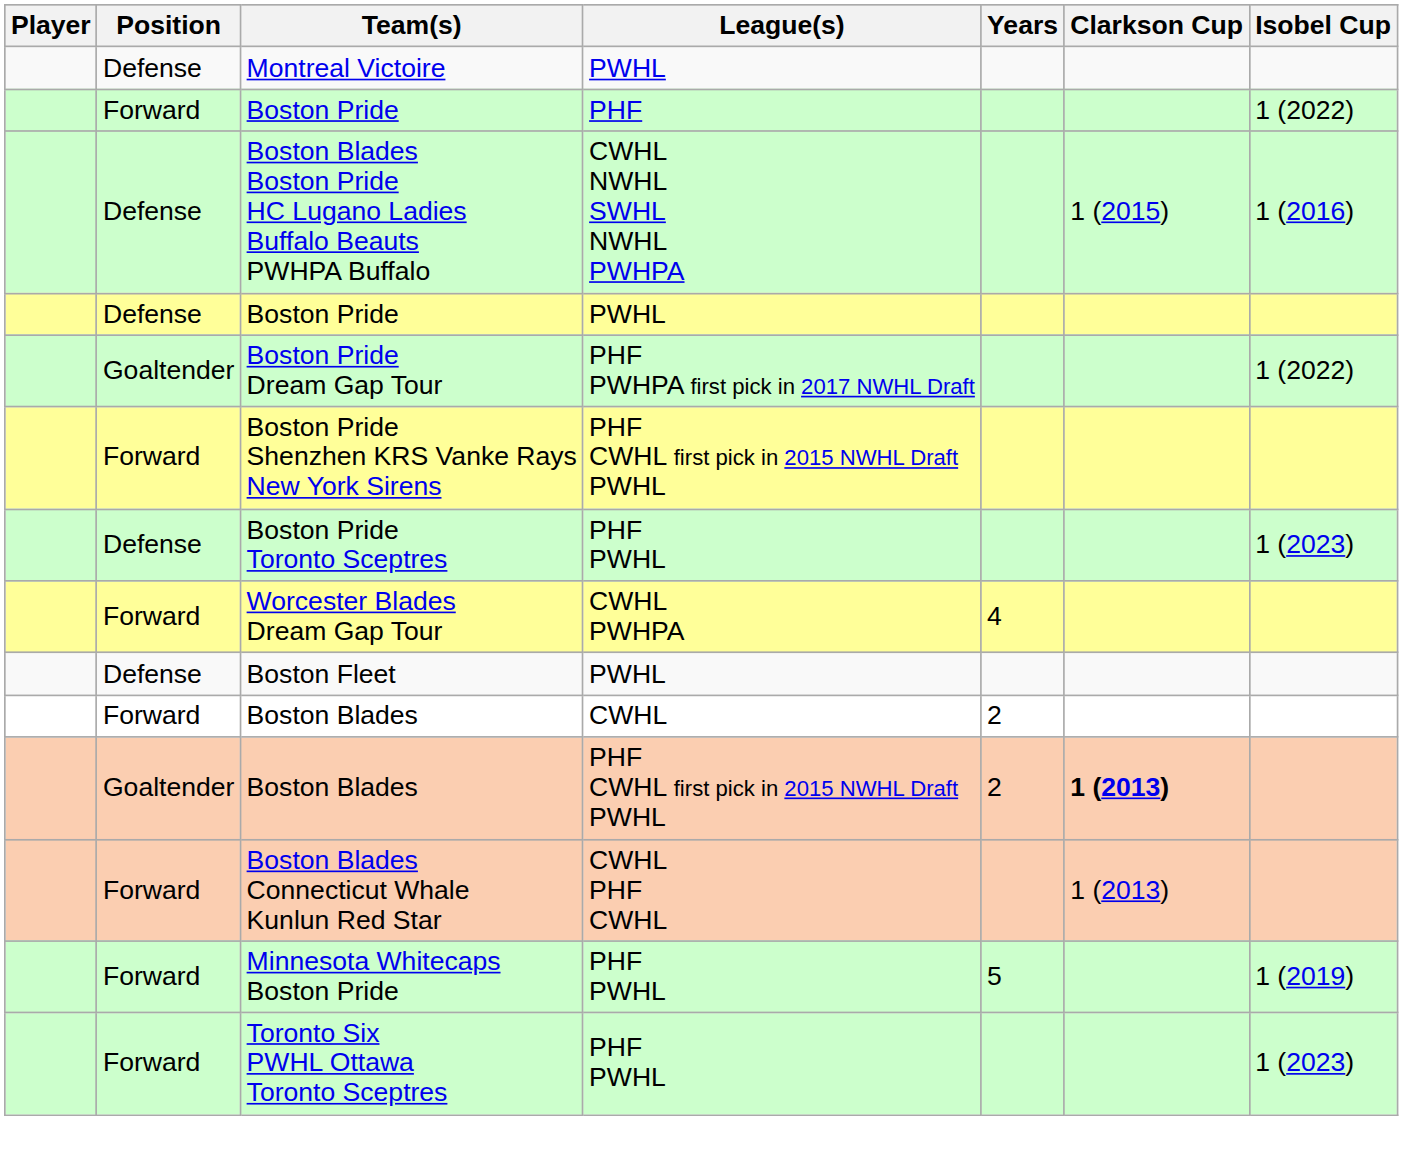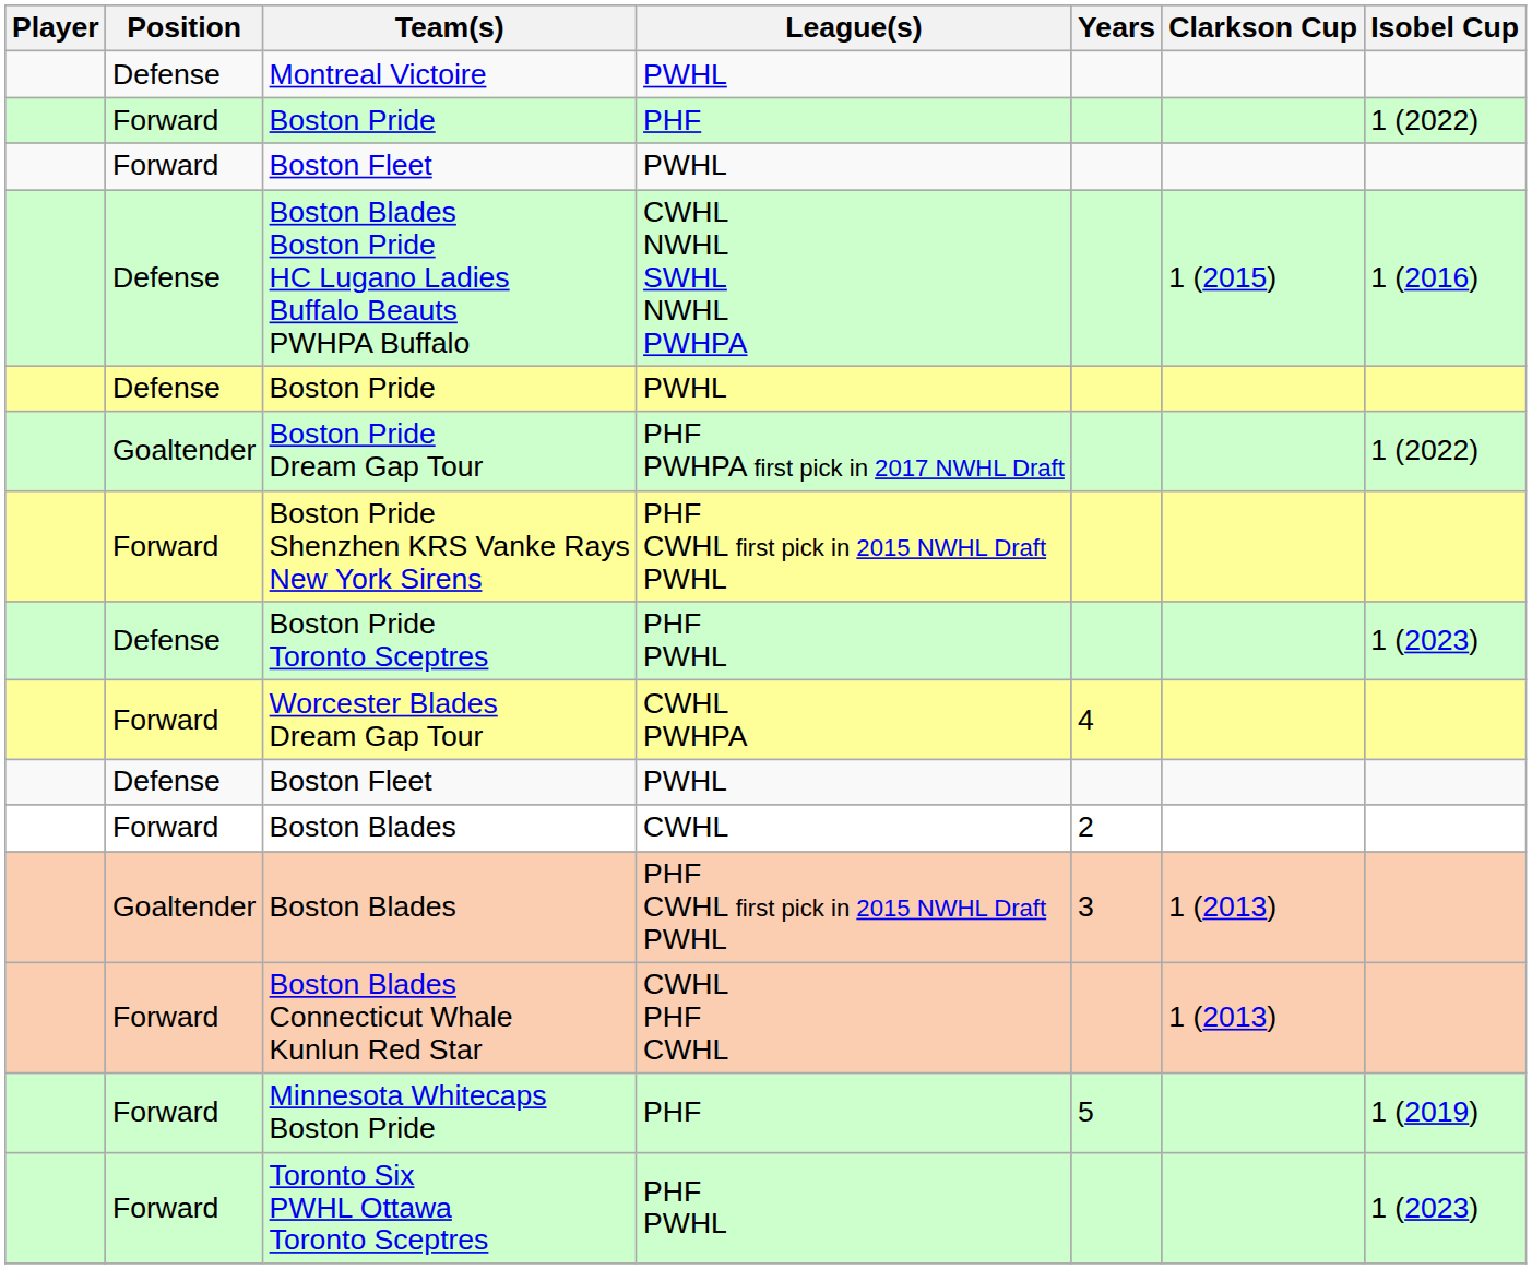 <table class="wikitable sortable">
 <tr>
 <th>Player</th>
 <th>Position</th>
 <th>Team(s)</th>
 <th>League(s)</th>
 <th>Years</th>
 <th>Clarkson Cup</th>
 <th>Isobel Cup</th>
 </tr>
 <tr>
 <td></td>
 <td>Defense</td>
 <td><a href='#'>Montreal Victoire</a></td>
 <td><a href='#'>PWHL</a></td>
 <td></td>
 <td></td>
 <td></td>
 </tr>
 <tr style="background-color: #cfc;">
 <td></td>
 <td>Forward</td>
 <td><a href='#'>Boston Pride</a></td>
 <td><a href='#'>PHF</a></td>
 <td></td>
 <td></td>
 <td>1 (2022)</td>
+</tr>
+<tr>
+<td></td>
+<td>Forward</td>
+<td><a href='#'>Boston Fleet</a></td>
+<td>PWHL</td>
+<td></td>
+<td></td>
+<td></td>
 </tr>
 <tr style="background-color: #cfc;">
 <td></td>
 <td>Defense</td>
 <td><a href='#'>Boston Blades</a><br><a href='#'>Boston Pride</a><br><a href='#'>HC Lugano Ladies</a><br><a href='#'>Buffalo Beauts</a><br>PWHPA Buffalo</td>
 <td>CWHL<br>NWHL<br><a href='#'>SWHL</a><br>NWHL<br><a href='#'>PWHPA</a></td>
 <td></td>
 <td>1 (<a href='#'>2015</a>)</td>
 <td>1 (<a href='#'>2016</a>)</td>
 </tr>
 <tr bgcolor="FFFF99">
 <td></td>
 <td>Defense</td>
 <td>Boston Pride</td>
 <td>PWHL</td>
 <td></td>
 <td></td>
 <td></td>
 </tr>
 <tr style="background-color: #cfc;">
 <td></td>
 <td>Goaltender</td>
 <td><a href='#'>Boston Pride</a><br>Dream Gap Tour</td>
 <td>PHF<br>PWHPA <small>first pick in <a href='#'>2017 NWHL Draft</a></small></td>
 <td></td>
 <td></td>
 <td>1 (2022)</td>
 </tr>
 <tr style="background-color: #ff9;">
 <td></td>
 <td>Forward</td>
 <td>Boston Pride<br>Shenzhen KRS Vanke Rays<br><a href='#'>New York Sirens</a></td>
 <td>PHF<br>CWHL <small>first pick in <a href='#'>2015 NWHL Draft</a></small><br>PWHL</td>
 <td></td>
 <td></td>
 <td></td>
 </tr>
 <tr style="background-color: #cfc;">
 <td></td>
 <td>Defense</td>
 <td>Boston Pride<br><a href='#'>Toronto Sceptres</a></td>
 <td>PHF<br>PWHL</td>
 <td></td>
 <td></td>
 <td>1 (<a href='#'>2023</a>)</td>
 </tr>
 <tr style="background-color: #ff9;">
 <td></td>
 <td>Forward</td>
 <td><a href='#'>Worcester Blades</a><br>Dream Gap Tour</td>
 <td>CWHL<br>PWHPA</td>
 <td>4</td>
 <td></td>
 <td></td>
 </tr>
 <tr>
 <td></td>
 <td>Defense</td>
 <td>Boston Fleet</td>
 <td>PWHL</td>
 <td></td>
 <td></td>
 <td></td>
 </tr>
 <tr style="background-color: #fff;">
 <td></td>
 <td>Forward</td>
 <td>Boston Blades</td>
 <td>CWHL</td>
 <td>2</td>
 <td></td>
 <td></td>
 </tr>
 <tr style="background-color: #FBCEB1;">
 <td></td>
 <td>Goaltender</td>
 <td>Boston Blades</td>
 <td>PHF<br>CWHL <small>first pick in <a href='#'>2015 NWHL Draft</a></small><br>PWHL</td>
-<td>2</td>
-<td><strong>1 (<a href='#'>2013</a>)</strong></td>
+<td>3</td>
+<td>1 (<a href='#'>2013</a>)</td>
 <td></td>
 </tr>
 <tr style="background-color: #FBCEB1;">
 <td></td>
 <td>Forward</td>
 <td><a href='#'>Boston Blades</a><br>Connecticut Whale<br>Kunlun Red Star</td>
 <td>CWHL<br>PHF<br>CWHL</td>
 <td></td>
 <td>1 (<a href='#'>2013</a>)</td>
 <td></td>
 </tr>
 <tr style="background-color: #cfc;">
 <td></td>
 <td>Forward</td>
 <td><a href='#'>Minnesota Whitecaps</a><br>Boston Pride</td>
-<td>PHF<br>PWHL</td>
+<td>PHF</td>
 <td>5</td>
 <td></td>
 <td>1 (<a href='#'>2019</a>)</td>
 </tr>
 <tr style="background-color: #cfc;">
 <td></td>
 <td>Forward</td>
 <td><a href='#'>Toronto Six</a><br><a href='#'>PWHL Ottawa</a><br><a href='#'>Toronto Sceptres</a></td>
 <td>PHF<br>PWHL</td>
 <td></td>
 <td></td>
 <td>1 (<a href='#'>2023</a>)</td>
 </tr>
 </table>
